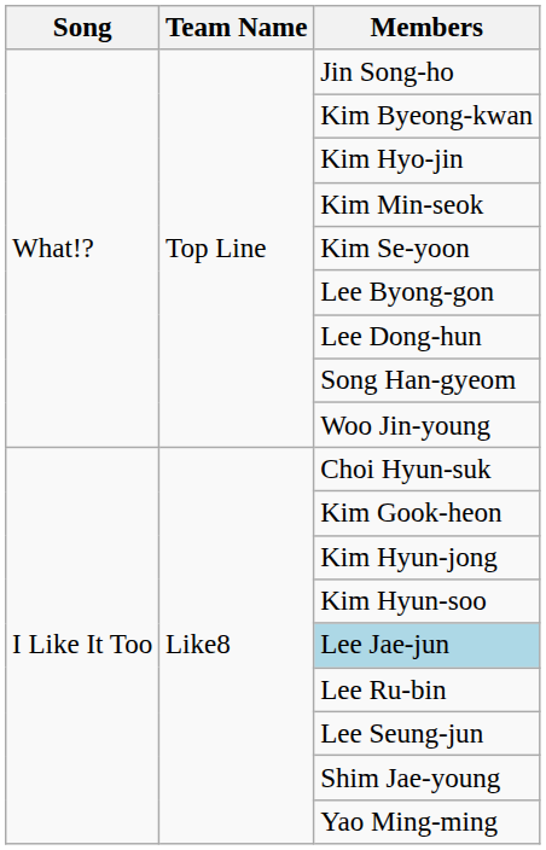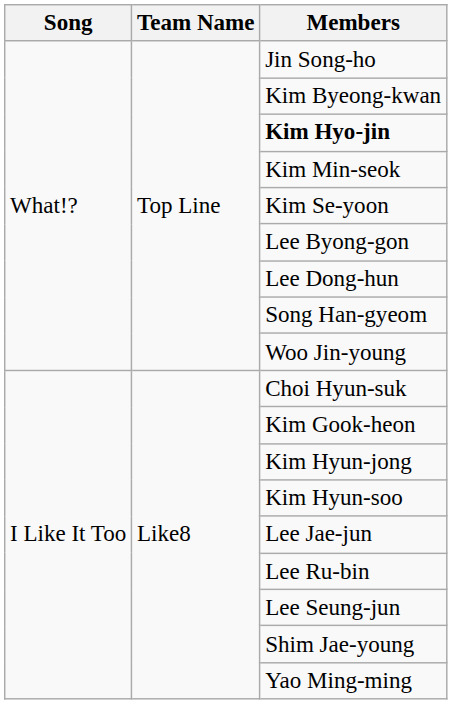 <table class="wikitable">
 <tr>
 <th>Song</th>
 <th>Team Name</th>
 <th>Members</th>
 </tr>
 <tr>
 <td rowspan="9">What!?</td>
 <td rowspan="9">Top Line</td>
 <td>Jin Song-ho</td>
 </tr>
 <tr>
 <td>Kim Byeong-kwan</td>
 </tr>
 <tr>
-<td>Kim Hyo-jin</td>
+<td><strong>Kim Hyo-jin</strong></td>
 </tr>
 <tr>
 <td>Kim Min-seok</td>
 </tr>
 <tr>
 <td>Kim Se-yoon</td>
 </tr>
 <tr>
 <td>Lee Byong-gon</td>
 </tr>
 <tr>
 <td>Lee Dong-hun</td>
 </tr>
 <tr>
 <td>Song Han-gyeom</td>
 </tr>
 <tr>
 <td>Woo Jin-young</td>
 </tr>
 <tr>
 <td rowspan="9">I Like It Too</td>
 <td rowspan="9">Like8</td>
 <td>Choi Hyun-suk</td>
 </tr>
 <tr>
 <td>Kim Gook-heon</td>
 </tr>
 <tr>
 <td>Kim Hyun-jong</td>
 </tr>
 <tr>
 <td>Kim Hyun-soo</td>
 </tr>
 <tr>
-<td style="background: lightblue;">Lee Jae-jun</td>
+<td>Lee Jae-jun</td>
 </tr>
 <tr>
 <td>Lee Ru-bin</td>
 </tr>
 <tr>
 <td>Lee Seung-jun</td>
 </tr>
 <tr>
 <td>Shim Jae-young</td>
 </tr>
 <tr>
 <td>Yao Ming-ming</td>
 </tr>
 </table>
